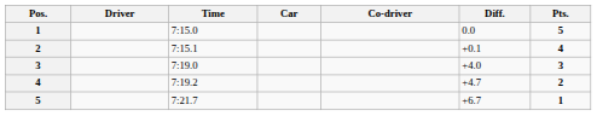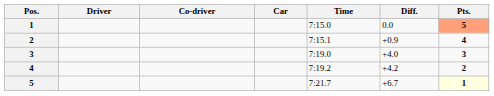 <table class="wikitable" width=60% style="font-size: 85%;">
 <tr>
 <th>Pos.</th>
 <th>Driver</th>
+<th>Co-driver</th>
+<th>Car</th>
 <th>Time</th>
-<th>Car</th>
-<th>Co-driver</th>
 <th>Diff.</th>
 <th>Pts.</th>
 </tr>
 <tr>
 <th>1</th>
 <td></td>
-<td>7:15.0</td>
 <td></td>
 <td></td>
+<td>7:15.0</td>
 <td>0.0</td>
-<td align="center"><strong>5</strong></td>
+<td align="center" style="background: lightsalmon;"><strong>5</strong></td>
 </tr>
 <tr>
 <th>2</th>
 <td></td>
-<td>7:15.1</td>
 <td></td>
 <td></td>
-<td>+0.1</td>
+<td>7:15.1</td>
+<td>+0.9</td>
 <td align="center"><strong>4</strong></td>
 </tr>
 <tr>
 <th>3</th>
 <td></td>
-<td>7:19.0</td>
 <td></td>
 <td></td>
+<td>7:19.0</td>
 <td>+4.0</td>
 <td align="center"><strong>3</strong></td>
 </tr>
 <tr>
 <th>4</th>
 <td></td>
-<td>7:19.2</td>
 <td></td>
 <td></td>
-<td>+4.7</td>
+<td>7:19.2</td>
+<td>+4.2</td>
 <td align="center"><strong>2</strong></td>
 </tr>
 <tr>
 <th>5</th>
 <td></td>
-<td>7:21.7</td>
 <td></td>
 <td></td>
+<td>7:21.7</td>
 <td>+6.7</td>
-<td align="center"><strong>1</strong></td>
+<td align="center" style="background: lightyellow;"><strong>1</strong></td>
 </tr>
 </table>
